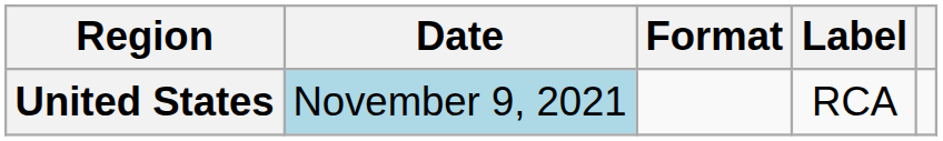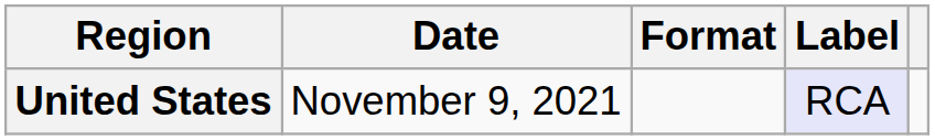 <table class="wikitable plainrowheaders">
 <tr>
 <th scope="col">Region</th>
 <th scope="col">Date</th>
 <th scope="col">Format</th>
 <th scope="col">Label</th>
 <th scope="col" colspan="2"></th>
 </tr>
 <tr>
 <th scope="row">United States</th>
-<td style="background: lightblue;">November 9, 2021</td>
+<td>November 9, 2021</td>
 <td></td>
-<td style="text-align:center;">RCA</td>
+<td style="background: lavender; text-align:center;">RCA</td>
 <td></td>
 </tr>
 </table>
